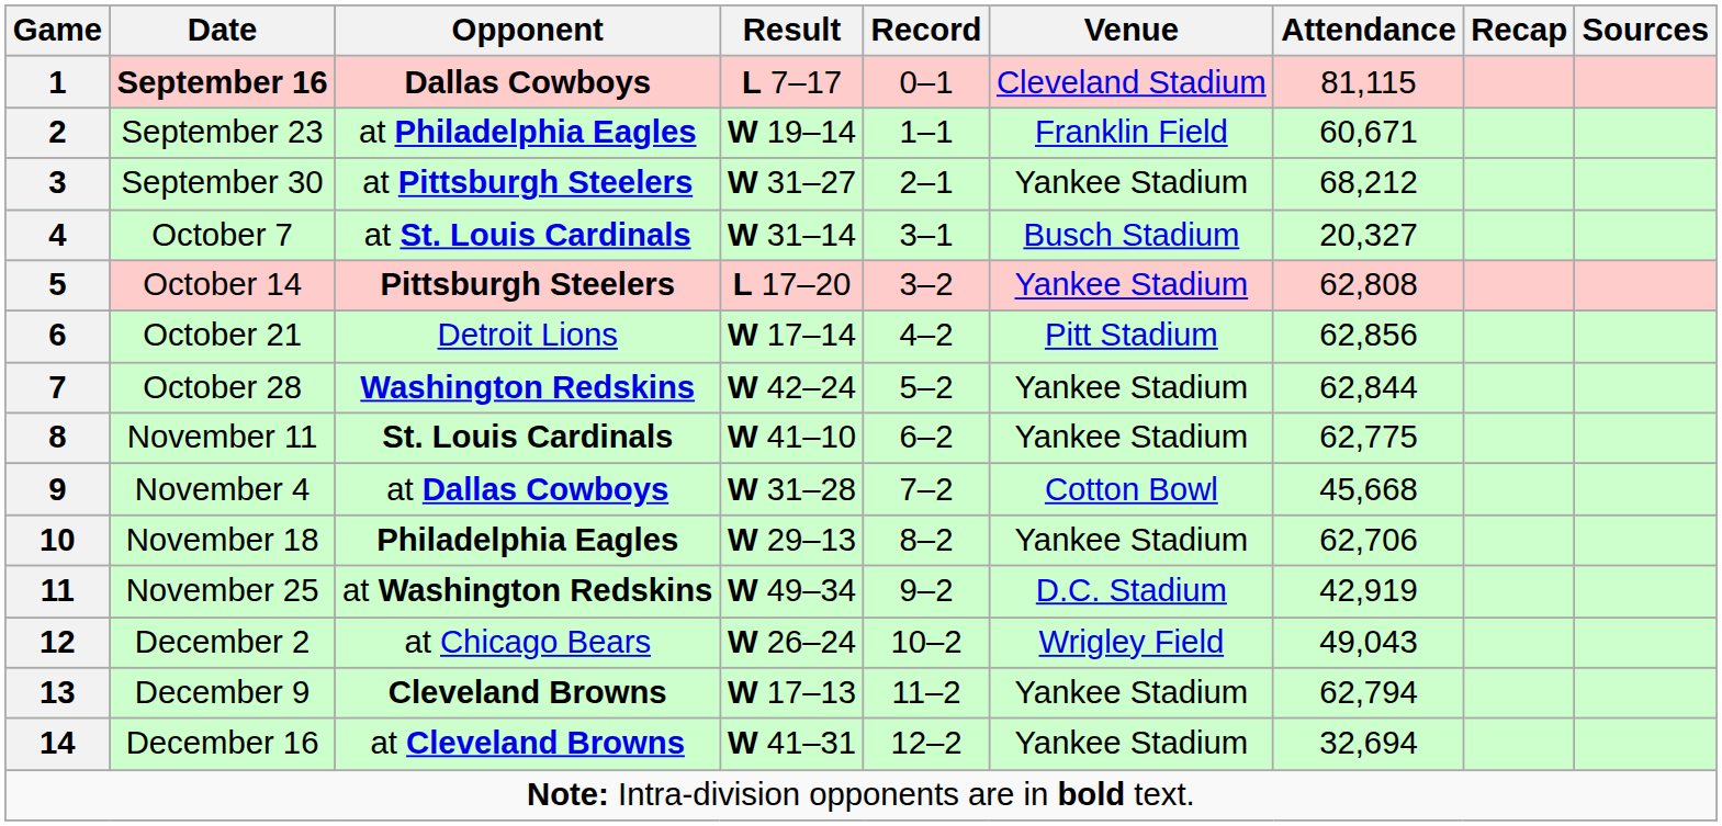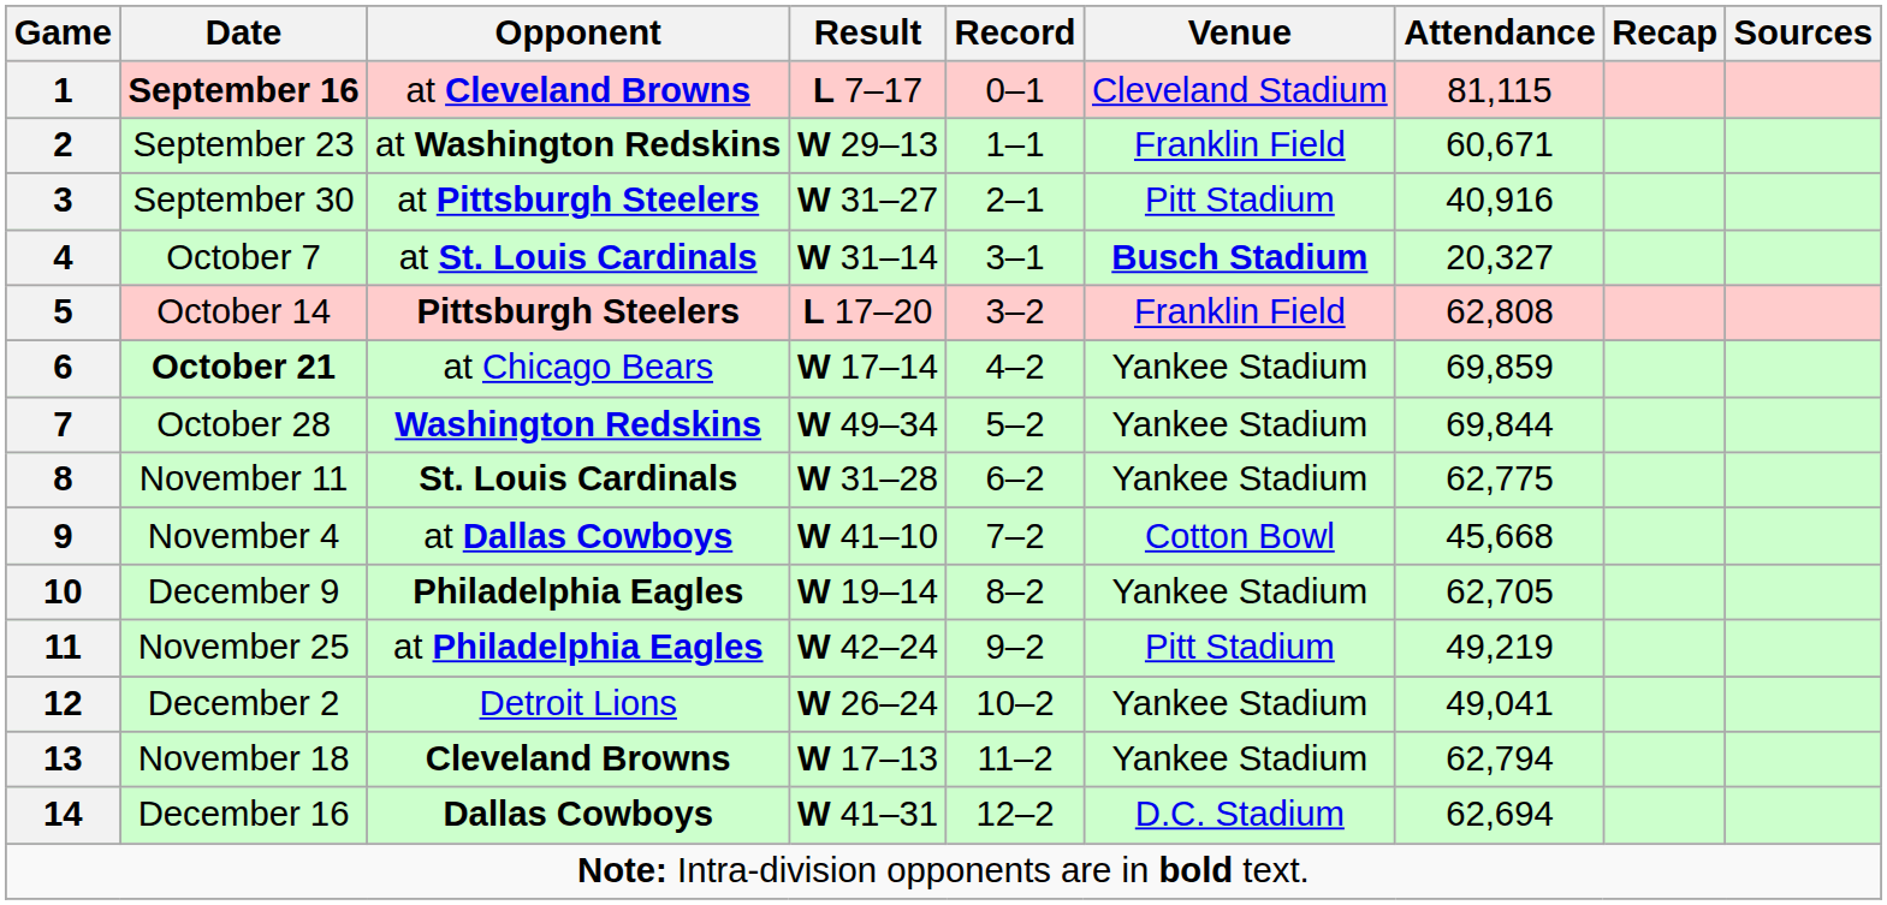 <table class="wikitable" style="text-align:center">
 <tr>
 <th>Game</th>
 <th>Date</th>
 <th>Opponent</th>
 <th>Result</th>
 <th>Record</th>
 <th>Venue</th>
 <th>Attendance</th>
 <th>Recap</th>
 <th>Sources</th>
 </tr>
 <tr style="background:#fcc">
 <th>1</th>
 <td><strong>September 16</strong></td>
-<td><strong>Dallas Cowboys</strong></td>
+<td>at <strong><a href='#'>Cleveland Browns</a></strong></td>
 <td><strong>L</strong> 7–17</td>
 <td>0–1</td>
 <td><a href='#'>Cleveland Stadium</a></td>
 <td>81,115</td>
 <td></td>
 <td></td>
 </tr>
 <tr style="background:#cfc">
 <th>2</th>
 <td>September 23</td>
-<td>at <strong><a href='#'>Philadelphia Eagles</a></strong></td>
-<td><strong>W</strong> 19–14</td>
+<td>at <strong>Washington Redskins</strong></td>
+<td><strong>W</strong> 29–13</td>
 <td>1–1</td>
 <td><a href='#'>Franklin Field</a></td>
 <td>60,671</td>
 <td></td>
 <td></td>
 </tr>
 <tr style="background:#cfc">
 <th>3</th>
 <td>September 30</td>
 <td>at <strong><a href='#'>Pittsburgh Steelers</a></strong></td>
 <td><strong>W</strong> 31–27</td>
 <td>2–1</td>
-<td>Yankee Stadium</td>
-<td>68,212</td>
+<td><a href='#'>Pitt Stadium</a></td>
+<td>40,916</td>
 <td></td>
 <td></td>
 </tr>
 <tr style="background:#cfc">
 <th>4</th>
 <td>October 7</td>
 <td>at <strong><a href='#'>St. Louis Cardinals</a></strong></td>
 <td><strong>W</strong> 31–14</td>
 <td>3–1</td>
-<td><a href='#'>Busch Stadium</a></td>
+<td><strong><a href='#'>Busch Stadium</a></strong></td>
 <td>20,327</td>
 <td></td>
 <td></td>
 </tr>
 <tr style="background:#fcc">
 <th>5</th>
 <td>October 14</td>
 <td><strong>Pittsburgh Steelers</strong></td>
 <td><strong>L</strong> 17–20</td>
 <td>3–2</td>
-<td><a href='#'>Yankee Stadium</a></td>
+<td><a href='#'>Franklin Field</a></td>
 <td>62,808</td>
 <td></td>
 <td></td>
 </tr>
 <tr style="background:#cfc">
 <th>6</th>
-<td>October 21</td>
-<td><a href='#'>Detroit Lions</a></td>
+<td><strong>October 21</strong></td>
+<td>at <a href='#'>Chicago Bears</a></td>
 <td><strong>W</strong> 17–14</td>
 <td>4–2</td>
-<td><a href='#'>Pitt Stadium</a></td>
-<td>62,856</td>
+<td>Yankee Stadium</td>
+<td>69,859</td>
 <td></td>
 <td></td>
 </tr>
 <tr style="background:#cfc">
 <th>7</th>
 <td>October 28</td>
 <td><strong><a href='#'>Washington Redskins</a></strong></td>
-<td><strong>W</strong> 42–24</td>
+<td><strong>W</strong> 49–34</td>
 <td>5–2</td>
 <td>Yankee Stadium</td>
-<td>62,844</td>
+<td>69,844</td>
 <td></td>
 <td></td>
 </tr>
 <tr style="background:#cfc">
 <th>8</th>
 <td>November 11</td>
 <td><strong>St. Louis Cardinals</strong></td>
-<td><strong>W</strong> 41–10</td>
+<td><strong>W</strong> 31–28</td>
 <td>6–2</td>
 <td>Yankee Stadium</td>
 <td>62,775</td>
 <td></td>
 <td></td>
 </tr>
 <tr style="background:#cfc">
 <th>9</th>
 <td>November 4</td>
 <td>at <strong><a href='#'>Dallas Cowboys</a></strong></td>
-<td><strong>W</strong> 31–28</td>
+<td><strong>W</strong> 41–10</td>
 <td>7–2</td>
 <td><a href='#'>Cotton Bowl</a></td>
 <td>45,668</td>
 <td></td>
 <td></td>
 </tr>
 <tr style="background:#cfc">
 <th>10</th>
-<td>November 18</td>
+<td>December 9</td>
 <td><strong>Philadelphia Eagles</strong></td>
-<td><strong>W</strong> 29–13</td>
+<td><strong>W</strong> 19–14</td>
 <td>8–2</td>
 <td>Yankee Stadium</td>
-<td>62,706</td>
+<td>62,705</td>
 <td></td>
 <td></td>
 </tr>
 <tr style="background:#cfc">
 <th>11</th>
 <td>November 25</td>
-<td>at <strong>Washington Redskins</strong></td>
-<td><strong>W</strong> 49–34</td>
+<td>at <strong><a href='#'>Philadelphia Eagles</a></strong></td>
+<td><strong>W</strong> 42–24</td>
 <td>9–2</td>
-<td><a href='#'>D.C. Stadium</a></td>
-<td>42,919</td>
+<td><a href='#'>Pitt Stadium</a></td>
+<td>49,219</td>
 <td></td>
 <td></td>
 </tr>
 <tr style="background:#cfc">
 <th>12</th>
 <td>December 2</td>
-<td>at <a href='#'>Chicago Bears</a></td>
+<td><a href='#'>Detroit Lions</a></td>
 <td><strong>W</strong> 26–24</td>
 <td>10–2</td>
-<td><a href='#'>Wrigley Field</a></td>
-<td>49,043</td>
+<td>Yankee Stadium</td>
+<td>49,041</td>
 <td></td>
 <td></td>
 </tr>
 <tr style="background:#cfc">
 <th>13</th>
-<td>December 9</td>
+<td>November 18</td>
 <td><strong>Cleveland Browns</strong></td>
 <td><strong>W</strong> 17–13</td>
 <td>11–2</td>
 <td>Yankee Stadium</td>
 <td>62,794</td>
 <td></td>
 <td></td>
 </tr>
 <tr style="background:#cfc">
 <th>14</th>
 <td>December 16</td>
-<td>at <strong><a href='#'>Cleveland Browns</a></strong></td>
+<td><strong>Dallas Cowboys</strong></td>
 <td><strong>W</strong> 41–31</td>
 <td>12–2</td>
-<td>Yankee Stadium</td>
-<td>32,694</td>
+<td><a href='#'>D.C. Stadium</a></td>
+<td>62,694</td>
 <td></td>
 <td></td>
 </tr>
 <tr>
 <td colspan="10"><strong>Note:</strong> Intra-division opponents are in <strong>bold</strong> text.</td>
 </tr>
 </table>
